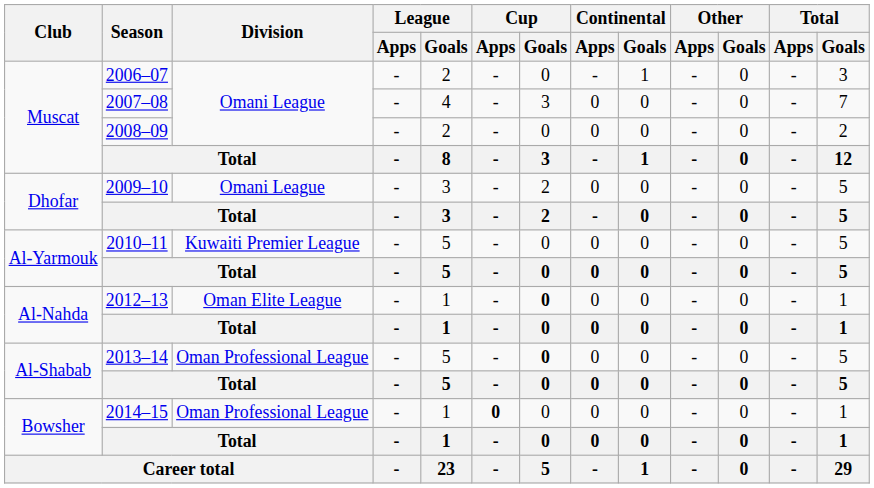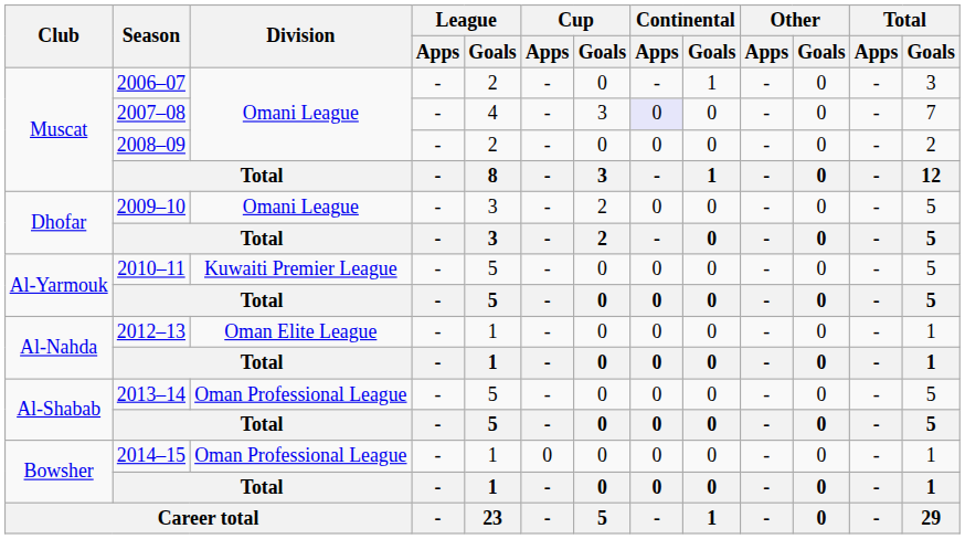 <table class="wikitable" style="text-align: center;">
 <tr>
 <th rowspan="2">Club</th>
 <th rowspan="2">Season</th>
 <th rowspan="2">Division</th>
 <th colspan="2">League</th>
 <th colspan="2">Cup</th>
 <th colspan="2">Continental</th>
 <th colspan="2">Other</th>
 <th colspan="2">Total</th>
 </tr>
 <tr>
 <th>Apps</th>
 <th>Goals</th>
 <th>Apps</th>
 <th>Goals</th>
 <th>Apps</th>
 <th>Goals</th>
 <th>Apps</th>
 <th>Goals</th>
 <th>Apps</th>
 <th>Goals</th>
 </tr>
 <tr>
 <td rowspan="4"><a href='#'>Muscat</a></td>
 <td><a href='#'>2006–07</a></td>
 <td rowspan="3"><a href='#'>Omani League</a></td>
 <td>-</td>
 <td>2</td>
 <td>-</td>
 <td>0</td>
 <td>-</td>
 <td>1</td>
 <td>-</td>
 <td>0</td>
 <td>-</td>
 <td>3</td>
 </tr>
 <tr>
 <td><a href='#'>2007–08</a></td>
 <td>-</td>
 <td>4</td>
 <td>-</td>
 <td>3</td>
-<td>0</td>
+<td style="background: lavender;">0</td>
 <td>0</td>
 <td>-</td>
 <td>0</td>
 <td>-</td>
 <td>7</td>
 </tr>
 <tr>
 <td><a href='#'>2008–09</a></td>
 <td>-</td>
 <td>2</td>
 <td>-</td>
 <td>0</td>
 <td>0</td>
 <td>0</td>
 <td>-</td>
 <td>0</td>
 <td>-</td>
 <td>2</td>
 </tr>
 <tr>
 <th colspan="2">Total</th>
 <th>-</th>
 <th>8</th>
 <th>-</th>
 <th>3</th>
 <th>-</th>
 <th>1</th>
 <th>-</th>
 <th>0</th>
 <th>-</th>
 <th>12</th>
 </tr>
 <tr>
 <td rowspan="2"><a href='#'>Dhofar</a></td>
 <td><a href='#'>2009–10</a></td>
 <td rowspan="1"><a href='#'>Omani League</a></td>
 <td>-</td>
 <td>3</td>
 <td>-</td>
 <td>2</td>
 <td>0</td>
 <td>0</td>
 <td>-</td>
 <td>0</td>
 <td>-</td>
 <td>5</td>
 </tr>
 <tr>
 <th colspan="2">Total</th>
 <th>-</th>
 <th>3</th>
 <th>-</th>
 <th>2</th>
 <th>-</th>
 <th>0</th>
 <th>-</th>
 <th>0</th>
 <th>-</th>
 <th>5</th>
 </tr>
 <tr>
 <td rowspan="2"><a href='#'>Al-Yarmouk</a></td>
 <td><a href='#'>2010–11</a></td>
 <td rowspan="1"><a href='#'>Kuwaiti Premier League</a></td>
 <td>-</td>
 <td>5</td>
 <td>-</td>
 <td>0</td>
 <td>0</td>
 <td>0</td>
 <td>-</td>
 <td>0</td>
 <td>-</td>
 <td>5</td>
 </tr>
 <tr>
 <th colspan="2">Total</th>
 <th>-</th>
 <th>5</th>
 <th>-</th>
 <th>0</th>
 <th>0</th>
 <th>0</th>
 <th>-</th>
 <th>0</th>
 <th>-</th>
 <th>5</th>
 </tr>
 <tr>
 <td rowspan="2"><a href='#'>Al-Nahda</a></td>
 <td><a href='#'>2012–13</a></td>
 <td rowspan="1"><a href='#'>Oman Elite League</a></td>
 <td>-</td>
 <td>1</td>
 <td>-</td>
-<td><strong>0</strong></td>
+<td>0</td>
 <td>0</td>
 <td>0</td>
 <td>-</td>
 <td>0</td>
 <td>-</td>
 <td>1</td>
 </tr>
 <tr>
 <th colspan="2">Total</th>
 <th>-</th>
 <th>1</th>
 <th>-</th>
 <th>0</th>
 <th>0</th>
 <th>0</th>
 <th>-</th>
 <th>0</th>
 <th>-</th>
 <th>1</th>
 </tr>
 <tr>
 <td rowspan="2"><a href='#'>Al-Shabab</a></td>
 <td><a href='#'>2013–14</a></td>
 <td rowspan="1"><a href='#'>Oman Professional League</a></td>
 <td>-</td>
 <td>5</td>
 <td>-</td>
-<td><strong>0</strong></td>
+<td>0</td>
 <td>0</td>
 <td>0</td>
 <td>-</td>
 <td>0</td>
 <td>-</td>
 <td>5</td>
 </tr>
 <tr>
 <th colspan="2">Total</th>
 <th>-</th>
 <th>5</th>
 <th>-</th>
 <th>0</th>
 <th>0</th>
 <th>0</th>
 <th>-</th>
 <th>0</th>
 <th>-</th>
 <th>5</th>
 </tr>
 <tr>
 <td rowspan="2"><a href='#'>Bowsher</a></td>
 <td><a href='#'>2014–15</a></td>
 <td rowspan="1"><a href='#'>Oman Professional League</a></td>
 <td>-</td>
 <td>1</td>
-<td><strong>0</strong></td>
+<td>0</td>
 <td>0</td>
 <td>0</td>
 <td>0</td>
 <td>-</td>
 <td>0</td>
 <td>-</td>
 <td>1</td>
 </tr>
 <tr>
 <th colspan="2">Total</th>
 <th>-</th>
 <th>1</th>
 <th>-</th>
 <th>0</th>
 <th>0</th>
 <th>0</th>
 <th>-</th>
 <th>0</th>
 <th>-</th>
 <th>1</th>
 </tr>
 <tr>
 <th colspan="3">Career total</th>
 <th>-</th>
 <th>23</th>
 <th>-</th>
 <th>5</th>
 <th>-</th>
 <th>1</th>
 <th>-</th>
 <th>0</th>
 <th>-</th>
 <th>29</th>
 </tr>
 </table>
